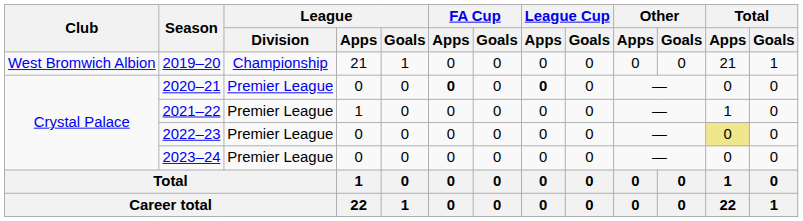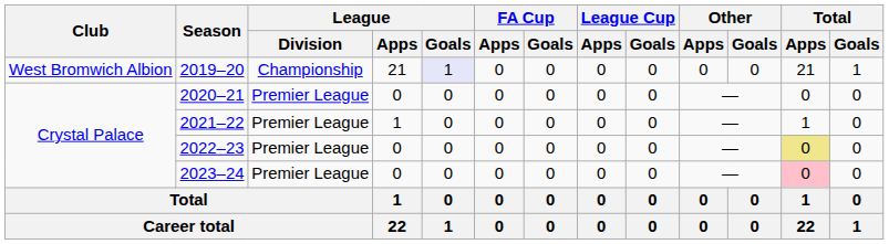 <table class="wikitable" style="text-align:center">
 <tr>
 <th rowspan="2">Club</th>
 <th rowspan="2">Season</th>
 <th colspan="3">League</th>
 <th colspan="2"><a href='#'>FA Cup</a></th>
 <th colspan="2"><a href='#'>League Cup</a></th>
 <th colspan="2">Other</th>
 <th colspan="2">Total</th>
 </tr>
 <tr>
 <th>Division</th>
 <th>Apps</th>
 <th>Goals</th>
 <th>Apps</th>
 <th>Goals</th>
 <th>Apps</th>
 <th>Goals</th>
 <th>Apps</th>
 <th>Goals</th>
 <th>Apps</th>
 <th>Goals</th>
 </tr>
 <tr>
 <td><a href='#'>West Bromwich Albion</a></td>
 <td><a href='#'>2019–20</a></td>
 <td><a href='#'>Championship</a></td>
 <td>21</td>
-<td>1</td>
+<td style="background: lavender;">1</td>
 <td>0</td>
 <td>0</td>
 <td>0</td>
 <td>0</td>
 <td>0</td>
 <td>0</td>
 <td>21</td>
 <td>1</td>
 </tr>
 <tr>
 <td rowspan="4"><a href='#'>Crystal Palace</a></td>
 <td><a href='#'>2020–21</a></td>
 <td><a href='#'>Premier League</a></td>
 <td>0</td>
 <td>0</td>
-<td><strong>0</strong></td>
 <td>0</td>
-<td><strong>0</strong></td>
+<td>0</td>
+<td>0</td>
 <td>0</td>
 <td colspan="2">—</td>
 <td>0</td>
 <td>0</td>
 </tr>
 <tr>
 <td><a href='#'>2021–22</a></td>
 <td>Premier League</td>
 <td>1</td>
 <td>0</td>
 <td>0</td>
 <td>0</td>
 <td>0</td>
 <td>0</td>
 <td colspan="2">—</td>
 <td>1</td>
 <td>0</td>
 </tr>
 <tr>
 <td><a href='#'>2022–23</a></td>
 <td>Premier League</td>
 <td>0</td>
 <td>0</td>
 <td>0</td>
 <td>0</td>
 <td>0</td>
 <td>0</td>
 <td colspan="2">—</td>
 <td style="background: khaki;">0</td>
 <td>0</td>
 </tr>
 <tr>
 <td><a href='#'>2023–24</a></td>
 <td>Premier League</td>
 <td>0</td>
 <td>0</td>
 <td>0</td>
 <td>0</td>
 <td>0</td>
 <td>0</td>
 <td colspan="2">—</td>
-<td>0</td>
+<td style="background: pink;">0</td>
 <td>0</td>
 </tr>
 <tr>
 <th colspan="3">Total</th>
 <th>1</th>
 <th>0</th>
 <th>0</th>
 <th>0</th>
 <th>0</th>
 <th>0</th>
 <th>0</th>
 <th>0</th>
 <th>1</th>
 <th>0</th>
 </tr>
 <tr>
 <th colspan="3">Career total</th>
 <th>22</th>
 <th>1</th>
 <th>0</th>
 <th>0</th>
 <th>0</th>
 <th>0</th>
 <th>0</th>
 <th>0</th>
 <th>22</th>
 <th>1</th>
 </tr>
 </table>
